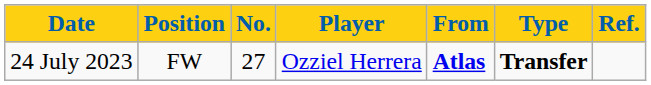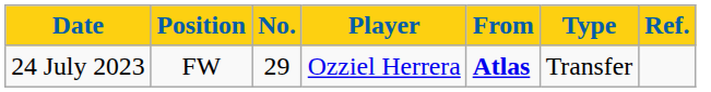 <table class="wikitable plainrowheaders sortable">
 <tr>
 <th style="background:#FDD011; color:#005DAB; ">Date</th>
 <th style="background:#FDD011; color:#005DAB; ">Position</th>
 <th style="background:#FDD011; color:#005DAB; ">No.</th>
 <th style="background:#FDD011; color:#005DAB; ">Player</th>
 <th style="background:#FDD011; color:#005DAB; ">From</th>
 <th style="background:#FDD011; color:#005DAB; ">Type</th>
 <th style="background:#FDD011; color:#005DAB; ">Ref.</th>
 </tr>
 <tr>
 <td>24 July 2023</td>
 <td style="text-align:center;">FW</td>
-<td style="text-align:center;">27</td>
+<td style="text-align:center;">29</td>
 <td style="text-align:left;"> <a href='#'>Ozziel Herrera</a></td>
 <td style="text-align:left;"><strong> <a href='#'>Atlas</a></strong></td>
-<td><strong>Transfer</strong></td>
+<td>Transfer</td>
 <td></td>
 </tr>
 </table>
